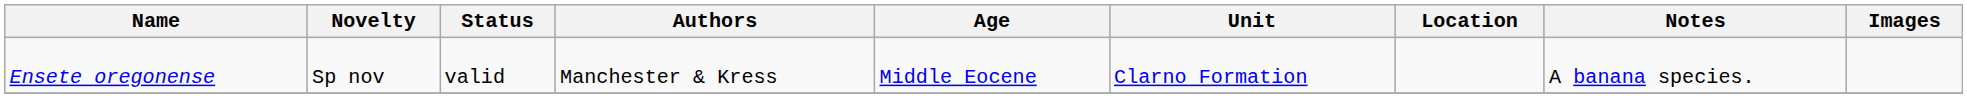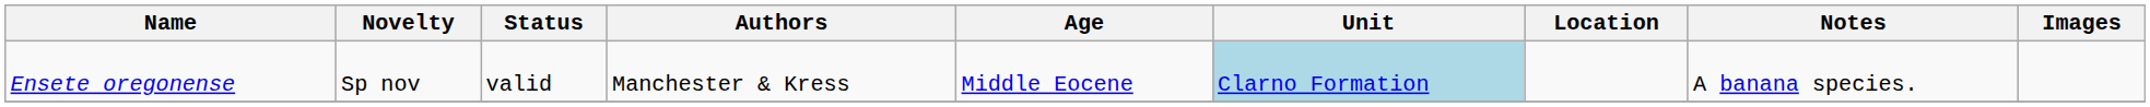 <table class="wikitable sortable" align="center" width="100%">
 <tr>
 <th>Name</th>
 <th>Novelty</th>
 <th>Status</th>
 <th>Authors</th>
 <th>Age</th>
 <th>Unit</th>
 <th>Location</th>
 <th>Notes</th>
 <th>Images</th>
 </tr>
 <tr>
 <td><br><em><a href='#'>Ensete oregonense</a></em></td>
 <td><br>Sp nov</td>
 <td><br>valid</td>
 <td><br>Manchester & Kress</td>
 <td><br><a href='#'>Middle Eocene</a></td>
-<td><br><a href='#'>Clarno Formation</a></td>
+<td style="background: lightblue;"><br><a href='#'>Clarno Formation</a></td>
 <td><br><br></td>
 <td><br>A <a href='#'>banana</a> species.</td>
 <td></td>
 </tr>
 <tr>
 </tr>
 </table>
